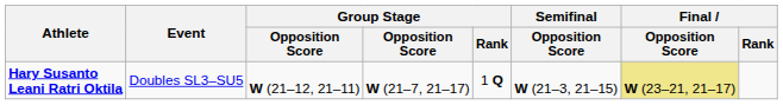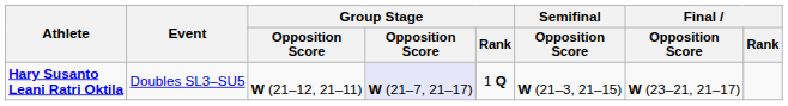 <table class="wikitable" style="font-size:90%; text-align:center">
 <tr>
 <th rowspan="2">Athlete</th>
 <th rowspan="2">Event</th>
 <th colspan="3">Group Stage</th>
 <th>Semifinal</th>
 <th colspan="2">Final / </th>
 </tr>
 <tr style="font-size:95%">
 <th>Opposition<br>Score</th>
 <th>Opposition<br>Score</th>
 <th>Rank</th>
 <th>Opposition<br>Score</th>
 <th>Opposition<br>Score</th>
 <th>Rank</th>
 </tr>
 <tr>
 <td align="left"><strong><a href='#'>Hary Susanto</a><br><a href='#'>Leani Ratri Oktila</a></strong></td>
 <td align="left"><a href='#'>Doubles SL3–SU5</a></td>
 <td><br> <strong>W</strong> (21–12, 21–11)</td>
-<td><br><strong>W</strong> (21–7, 21–17)</td>
+<td style="background: lavender;"><br><strong>W</strong> (21–7, 21–17)</td>
 <td>1 <strong>Q</strong></td>
 <td><br><strong>W</strong> (21–3, 21–15)</td>
-<td style="background: khaki;"><br><strong>W</strong> (23–21, 21–17)</td>
+<td><br><strong>W</strong> (23–21, 21–17)</td>
 <td></td>
 </tr>
 </table>
